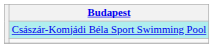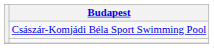 <table class="wikitable" style="text-align:center">
 <tr>
 <th rowspan="3" colspan="2"></th>
 <th><a href='#'>Budapest</a></th>
 </tr>
 <tr>
-<td style="background: paleturquoise;"><a href='#'>Császár-Komjádi Béla Sport Swimming Pool</a></td>
+<td><a href='#'>Császár-Komjádi Béla Sport Swimming Pool</a></td>
 </tr>
 <tr>
 <td></td>
 </tr>
 <tr>
 </tr>
 </table>
